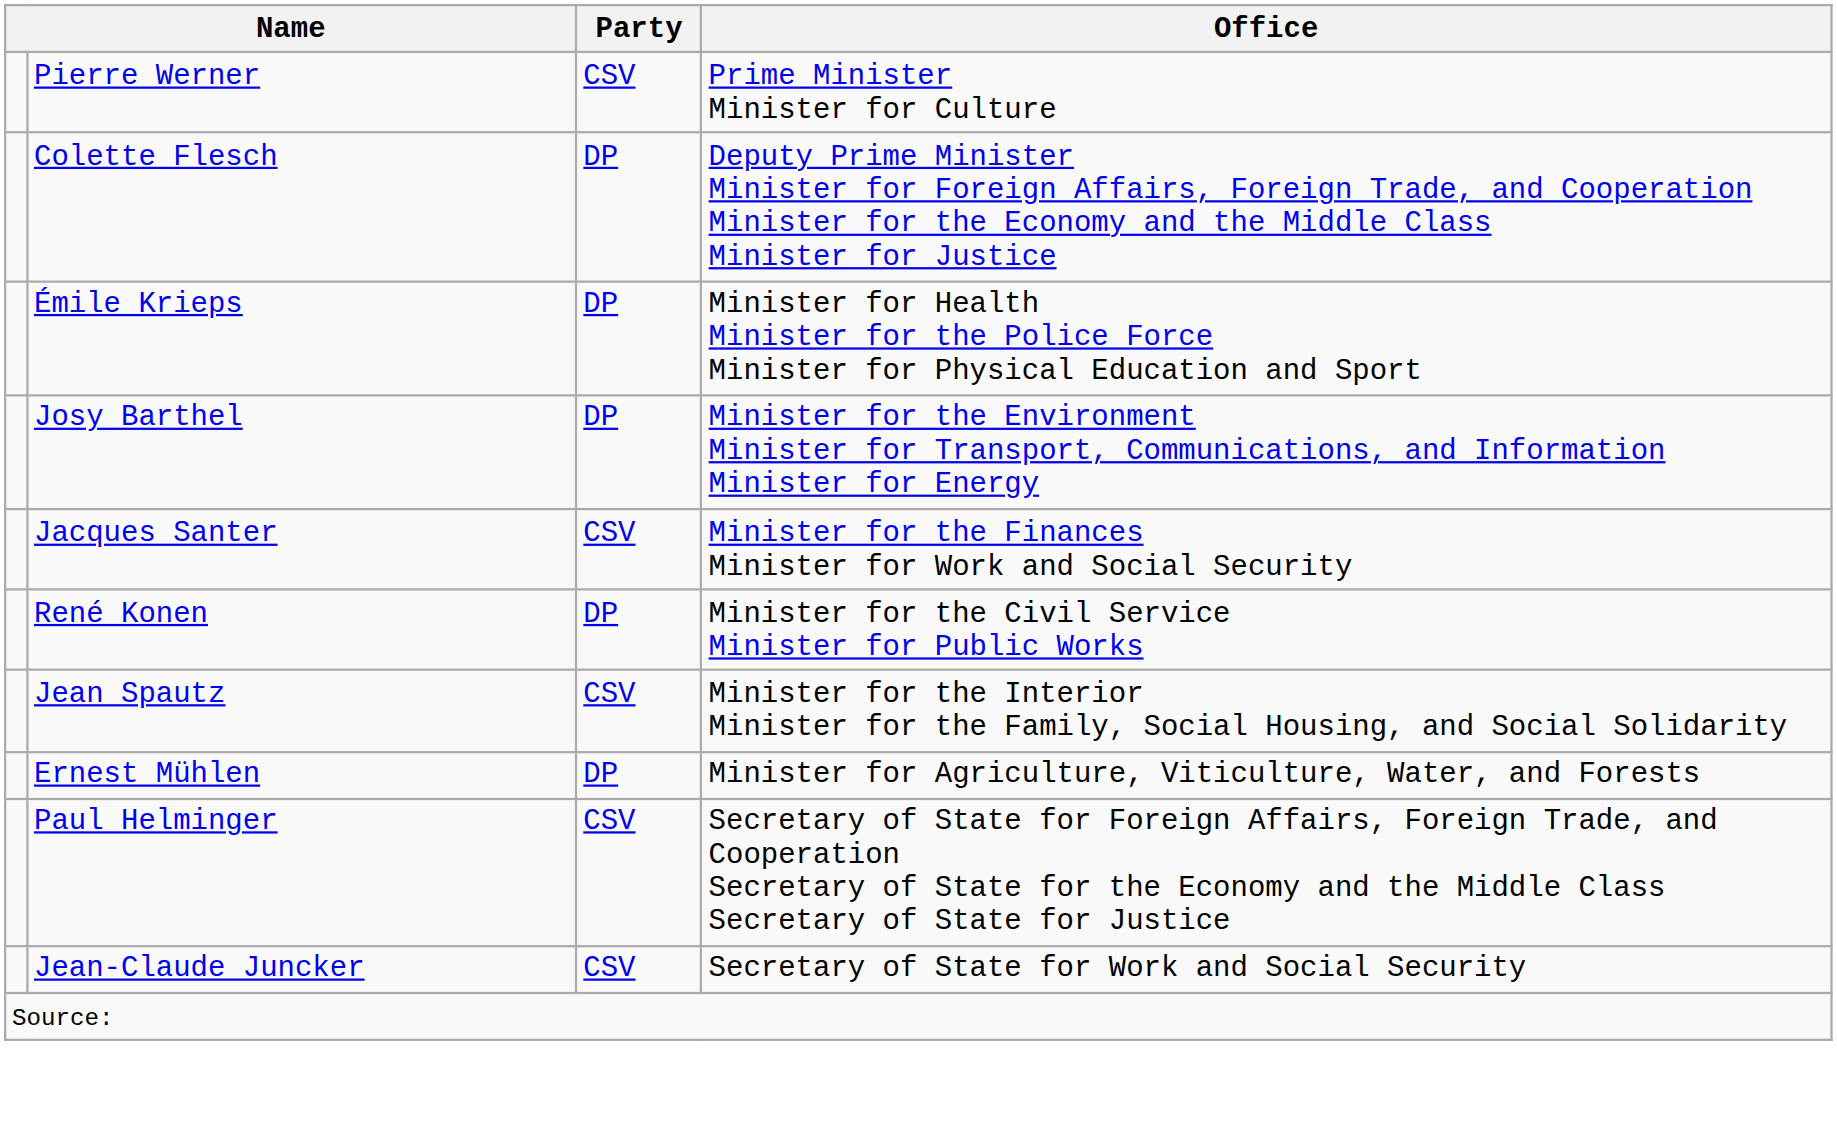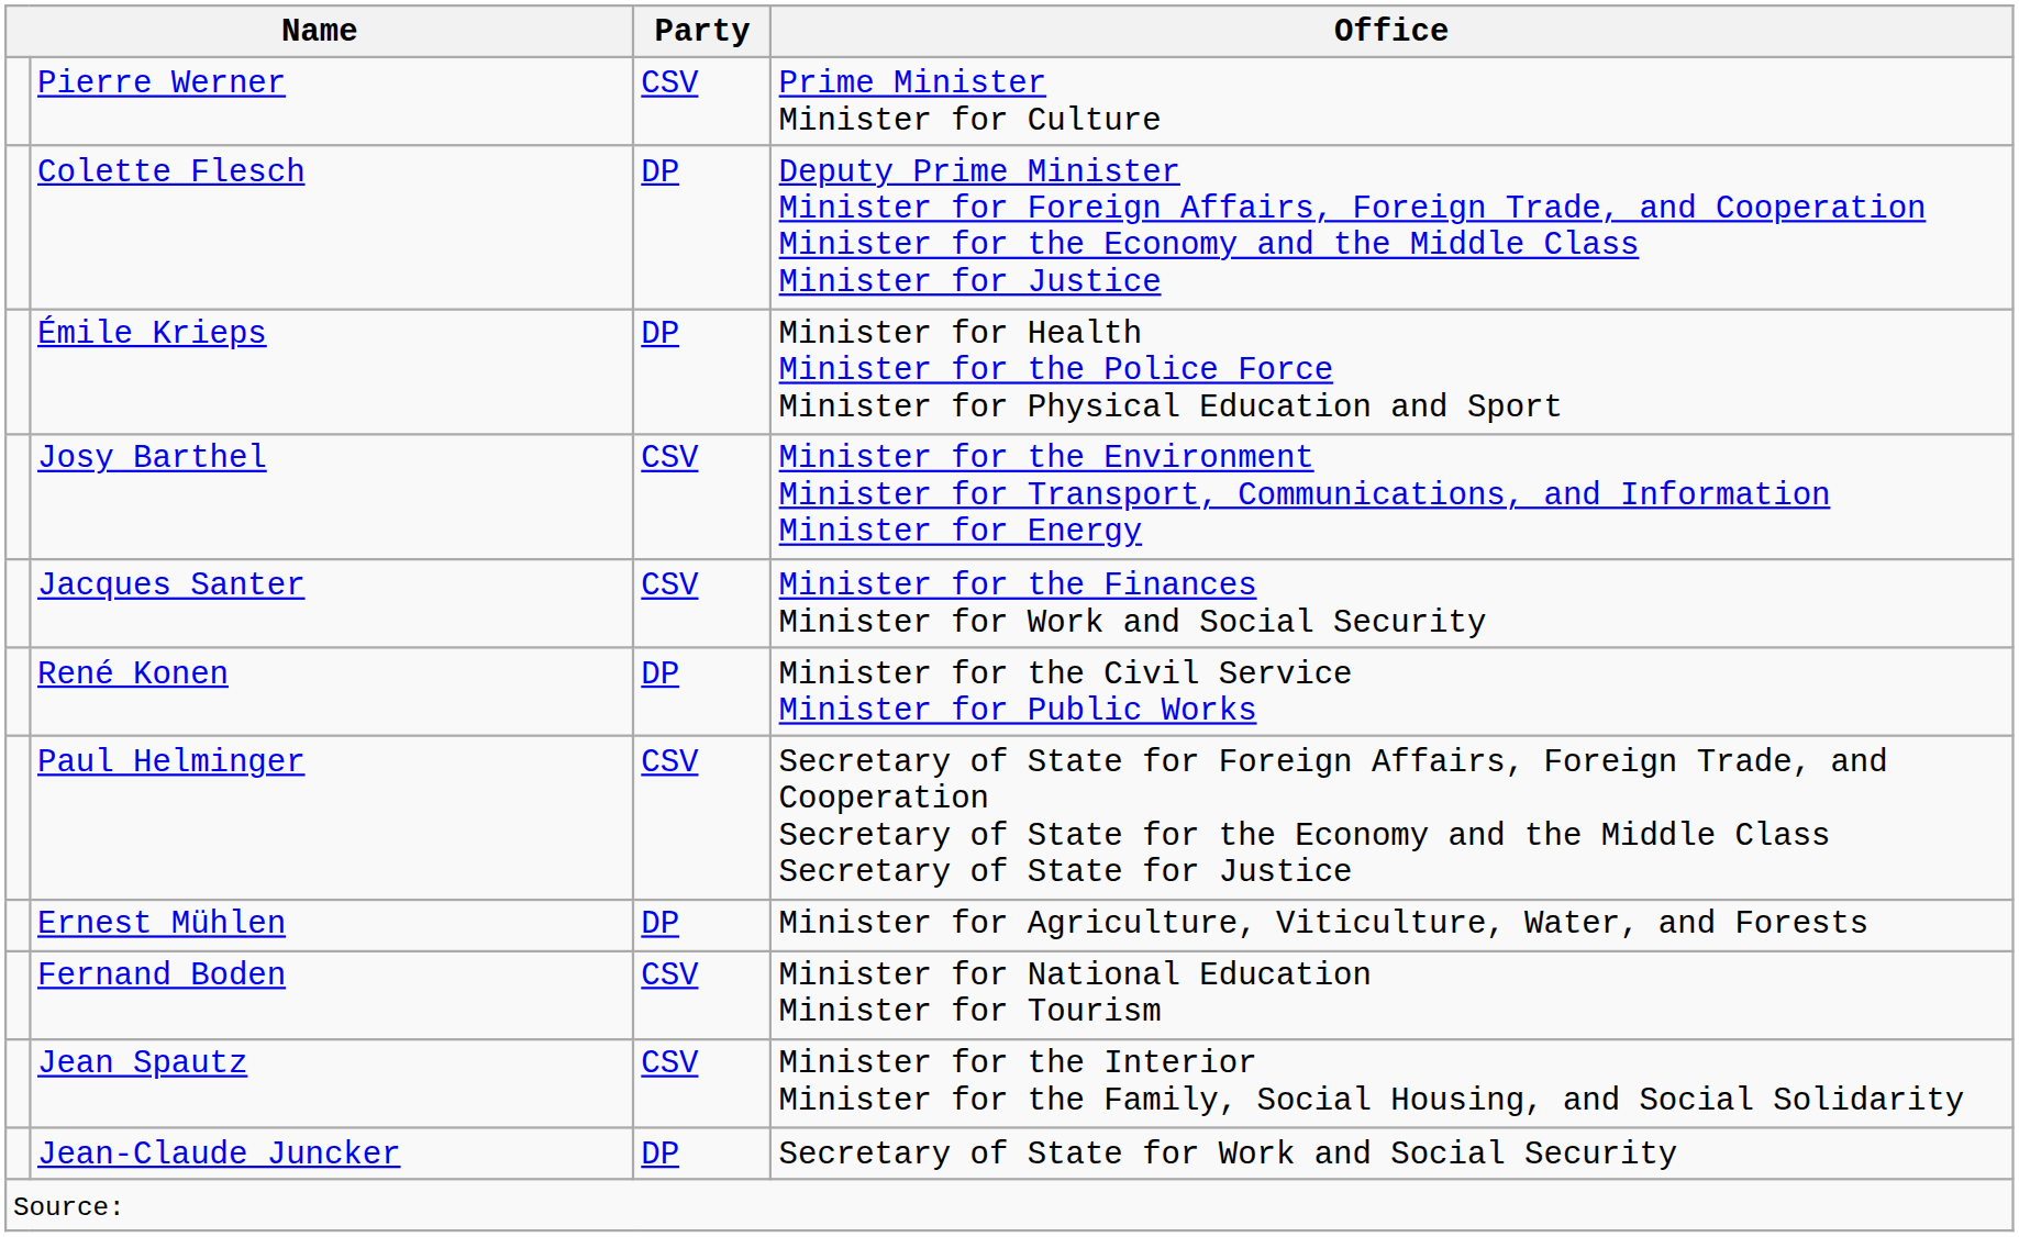 <table class="wikitable">
 <tr>
 <th colspan=2 width=250px>Name</th>
 <th width=50px>Party</th>
 <th width=500px>Office</th>
 </tr>
 <tr>
 <td style="background-color: "></td>
 <td valign=top><a href='#'>Pierre Werner</a></td>
 <td valign=top><a href='#'>CSV</a></td>
 <td><a href='#'>Prime Minister</a> <br> Minister for Culture</td>
 </tr>
 <tr>
 <td style="background-color: "></td>
 <td valign=top><a href='#'>Colette Flesch</a></td>
 <td valign=top><a href='#'>DP</a></td>
 <td><a href='#'>Deputy Prime Minister</a> <br> <a href='#'>Minister for Foreign Affairs, Foreign Trade, and Cooperation</a> <br> <a href='#'>Minister for the Economy and the Middle Class</a> <br> <a href='#'>Minister for Justice</a></td>
 </tr>
 <tr>
 <td style="background-color: "></td>
 <td valign=top><a href='#'>Émile Krieps</a></td>
 <td valign=top><a href='#'>DP</a></td>
 <td>Minister for Health <br> <a href='#'>Minister for the Police Force</a> <br> Minister for Physical Education and Sport</td>
 </tr>
 <tr>
 <td style="background-color: "></td>
 <td valign=top><a href='#'>Josy Barthel</a></td>
-<td valign=top><a href='#'>DP</a></td>
+<td valign=top><a href='#'>CSV</a></td>
 <td><a href='#'>Minister for the Environment</a> <br> <a href='#'>Minister for Transport, Communications, and Information</a> <br> <a href='#'>Minister for Energy</a></td>
 </tr>
 <tr>
 <td style="background-color: "></td>
 <td valign=top><a href='#'>Jacques Santer</a></td>
 <td valign=top><a href='#'>CSV</a></td>
 <td><a href='#'>Minister for the Finances</a> <br> Minister for Work and Social Security</td>
 </tr>
 <tr>
 <td style="background-color: "></td>
 <td valign=top><a href='#'>René Konen</a></td>
 <td valign=top><a href='#'>DP</a></td>
 <td>Minister for the Civil Service <br> <a href='#'>Minister for Public Works</a></td>
 </tr>
 <tr>
 <td style="background-color: "></td>
-<td valign=top><a href='#'>Jean Spautz</a></td>
+<td valign=top><a href='#'>Paul Helminger</a></td>
 <td valign=top><a href='#'>CSV</a></td>
-<td>Minister for the Interior <br> Minister for the Family, Social Housing, and Social Solidarity</td>
+<td>Secretary of State for Foreign Affairs, Foreign Trade, and Cooperation <br> Secretary of State for the Economy and the Middle Class <br> Secretary of State for Justice</td>
 </tr>
 <tr>
 <td style="background-color: "></td>
 <td valign=top><a href='#'>Ernest Mühlen</a></td>
 <td valign=top><a href='#'>DP</a></td>
 <td>Minister for Agriculture, Viticulture, Water, and Forests</td>
 </tr>
 <tr>
 <td style="background-color: "></td>
-<td valign=top><a href='#'>Paul Helminger</a></td>
+<td valign=top><a href='#'>Fernand Boden</a></td>
 <td valign=top><a href='#'>CSV</a></td>
-<td>Secretary of State for Foreign Affairs, Foreign Trade, and Cooperation <br> Secretary of State for the Economy and the Middle Class <br> Secretary of State for Justice</td>
+<td>Minister for National Education <br> Minister for Tourism</td>
+</tr>
+<tr>
+<td style="background-color: "></td>
+<td valign=top><a href='#'>Jean Spautz</a></td>
+<td valign=top><a href='#'>CSV</a></td>
+<td>Minister for the Interior <br> Minister for the Family, Social Housing, and Social Solidarity</td>
 </tr>
 <tr>
 <td style="background-color: "></td>
 <td valign=top><a href='#'>Jean-Claude Juncker</a></td>
-<td valign=top><a href='#'>CSV</a></td>
+<td valign=top><a href='#'>DP</a></td>
 <td>Secretary of State for Work and Social Security</td>
 </tr>
 <tr>
 <td colspan=4><small>Source: </small></td>
 </tr>
 </table>
